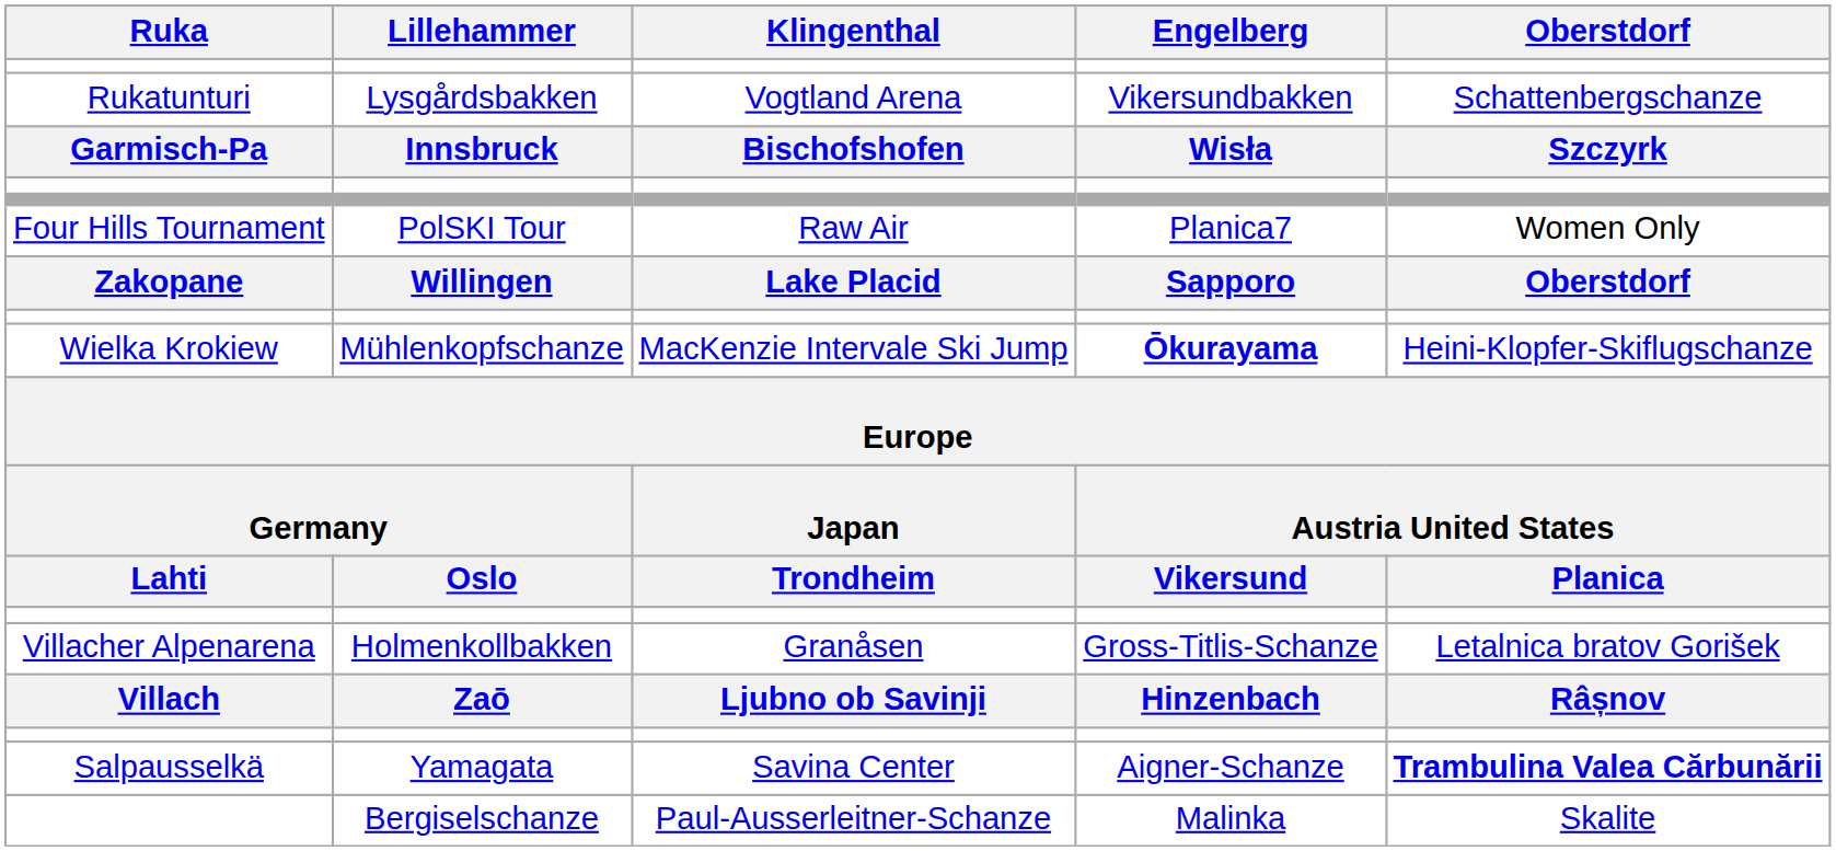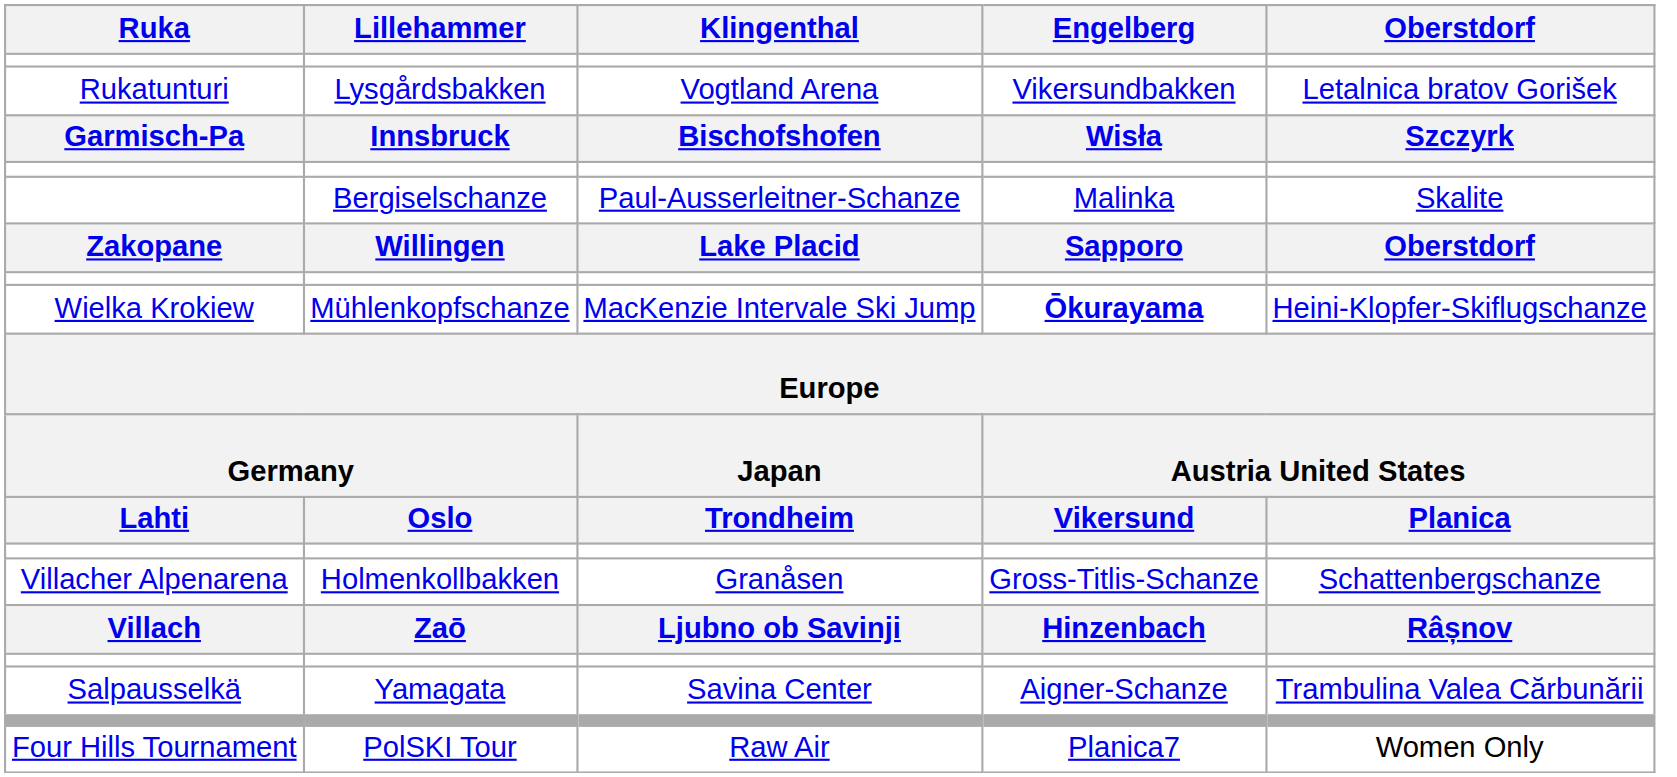 <table class="wikitable plainrowheaders" style="background:#fff; font-size:86%; line-height:16px; border:grey solid 1px; border-collapse:collapse;">
 <tr>
 <th> <a href='#'>Ruka</a></th>
 <th> <a href='#'>Lillehammer</a></th>
 <th> <a href='#'>Klingenthal</a></th>
 <th> <a href='#'>Engelberg</a></th>
 <th> <a href='#'>Oberstdorf</a></th>
 </tr>
 <tr>
 <td align=center></td>
 <td align=center></td>
 <td align=center></td>
 <td align=center></td>
 <td align=center></td>
 </tr>
 <tr>
 <td align=center><a href='#'>Rukatunturi</a></td>
 <td align=center><a href='#'>Lysgårdsbakken</a></td>
 <td align=center><a href='#'>Vogtland Arena</a></td>
 <td align=center><a href='#'>Vikersundbakken</a></td>
-<td align=center><a href='#'>Schattenbergschanze</a></td>
+<td align=center><a href='#'>Letalnica bratov Gorišek</a></td>
 </tr>
 <tr>
 <th> <a href='#'>Garmisch-Pa</a></th>
 <th> <a href='#'>Innsbruck</a></th>
 <th> <a href='#'>Bischofshofen</a></th>
 <th> <a href='#'>Wisła</a></th>
 <th> <a href='#'>Szczyrk</a></th>
 </tr>
 <tr>
 <td align=center></td>
 <td align=center></td>
 <td align=center></td>
 <td align=center></td>
 <td align=center></td>
 </tr>
 <tr>
-<td align=center style="border-top-width:6px"> <a href='#'>Four Hills Tournament</a></td>
-<td align=center style="border-top-width:6px"> <a href='#'>PolSKI Tour</a></td>
-<td align=center style="border-top-width:6px"> <a href='#'>Raw Air</a></td>
-<td align=center style="border-top-width:6px"> <a href='#'>Planica7</a></td>
-<td align=center style="border-top-width:6px"> Women Only</td>
+<td align=center></td>
+<td align=center><a href='#'>Bergiselschanze</a></td>
+<td align=center><a href='#'>Paul-Ausserleitner-Schanze</a></td>
+<td align=center><a href='#'>Malinka</a></td>
+<td align=center><a href='#'>Skalite</a></td>
 </tr>
 <tr>
 <th> <a href='#'>Zakopane</a></th>
 <th> <a href='#'>Willingen</a></th>
 <th> <a href='#'>Lake Placid</a></th>
 <th> <a href='#'>Sapporo</a></th>
 <th> <a href='#'>Oberstdorf</a></th>
 </tr>
 <tr>
 <td align=center></td>
 <td align=center></td>
 <td align=center></td>
 <td align=center></td>
 <td align=center></td>
 </tr>
 <tr>
 <td align=center><a href='#'>Wielka Krokiew</a></td>
 <td align=center><a href='#'>Mühlenkopfschanze</a></td>
 <td align=center><a href='#'>MacKenzie Intervale Ski Jump</a></td>
 <td align=center><strong><a href='#'>Ōkurayama</a></strong></td>
 <td align=center><a href='#'>Heini-Klopfer-Skiflugschanze</a></td>
 </tr>
 <tr>
 <th colspan="5"><br>Europe </th>
 </tr>
 <tr>
 <th colspan=2><br>Germany </th>
 <th><br>Japan </th>
 <th colspan=2><br>Austria  United States </th>
 </tr>
 <tr>
 <th> <a href='#'>Lahti</a></th>
 <th> <a href='#'>Oslo</a></th>
 <th> <a href='#'>Trondheim</a></th>
 <th> <a href='#'>Vikersund</a></th>
 <th> <a href='#'>Planica</a></th>
 </tr>
 <tr>
 <td align=center></td>
 <td align=center></td>
 <td align=center></td>
 <td align=center></td>
 <td align=center></td>
 </tr>
 <tr>
 <td align=center><a href='#'>Villacher Alpenarena</a></td>
 <td align=center><a href='#'>Holmenkollbakken</a></td>
 <td align=center><a href='#'>Granåsen</a></td>
 <td align=center><a href='#'>Gross-Titlis-Schanze</a></td>
-<td align=center><a href='#'>Letalnica bratov Gorišek</a></td>
+<td align=center><a href='#'>Schattenbergschanze</a></td>
 </tr>
 <tr>
 <th> <a href='#'>Villach</a></th>
 <th> <a href='#'>Zaō</a></th>
 <th> <a href='#'>Ljubno ob Savinji</a></th>
 <th> <a href='#'>Hinzenbach</a></th>
 <th> <a href='#'>Râșnov</a></th>
 </tr>
 <tr>
 <td align=center></td>
 <td align=center></td>
 <td align=center></td>
 <td align=center></td>
 <td align=center></td>
 </tr>
 <tr>
 <td align=center><a href='#'>Salpausselkä</a></td>
 <td align=center><a href='#'>Yamagata</a></td>
 <td align=center><a href='#'>Savina Center</a></td>
 <td align=center><a href='#'>Aigner-Schanze</a></td>
-<td align=center><strong><a href='#'>Trambulina Valea Cărbunării</a></strong></td>
+<td align=center><a href='#'>Trambulina Valea Cărbunării</a></td>
 </tr>
 <tr>
-<td align=center></td>
-<td align=center><a href='#'>Bergiselschanze</a></td>
-<td align=center><a href='#'>Paul-Ausserleitner-Schanze</a></td>
-<td align=center><a href='#'>Malinka</a></td>
-<td align=center><a href='#'>Skalite</a></td>
+<td align=center style="border-top-width:6px"> <a href='#'>Four Hills Tournament</a></td>
+<td align=center style="border-top-width:6px"> <a href='#'>PolSKI Tour</a></td>
+<td align=center style="border-top-width:6px"> <a href='#'>Raw Air</a></td>
+<td align=center style="border-top-width:6px"> <a href='#'>Planica7</a></td>
+<td align=center style="border-top-width:6px"> Women Only</td>
 </tr>
 </table>
